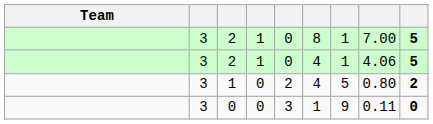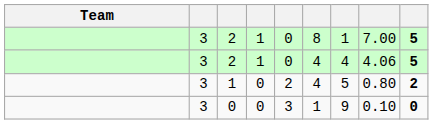 <table class="wikitable" style="text-align:center;">
 <tr>
 <th width=165>Team</th>
 <th width=20></th>
 <th width=20></th>
 <th width=20></th>
 <th width=20></th>
 <th width=20></th>
 <th width=20></th>
 <th width=20></th>
 <th width=20></th>
 </tr>
 <tr style="background:#cfc;">
 <td align="left"></td>
 <td>3</td>
 <td>2</td>
 <td>1</td>
 <td>0</td>
 <td>8</td>
 <td>1</td>
 <td>7.00</td>
 <td><strong>5</strong></td>
 </tr>
 <tr style="background:#cfc;">
 <td align="left"></td>
 <td>3</td>
 <td>2</td>
 <td>1</td>
 <td>0</td>
 <td>4</td>
-<td>1</td>
+<td>4</td>
 <td>4.06</td>
 <td><strong>5</strong></td>
 </tr>
 <tr>
 <td align="left"></td>
 <td>3</td>
 <td>1</td>
 <td>0</td>
 <td>2</td>
 <td>4</td>
 <td>5</td>
 <td>0.80</td>
 <td><strong>2</strong></td>
 </tr>
 <tr>
 <td align="left"></td>
 <td>3</td>
 <td>0</td>
 <td>0</td>
 <td>3</td>
 <td>1</td>
 <td>9</td>
-<td>0.11</td>
+<td>0.10</td>
 <td><strong>0</strong></td>
 </tr>
 </table>
